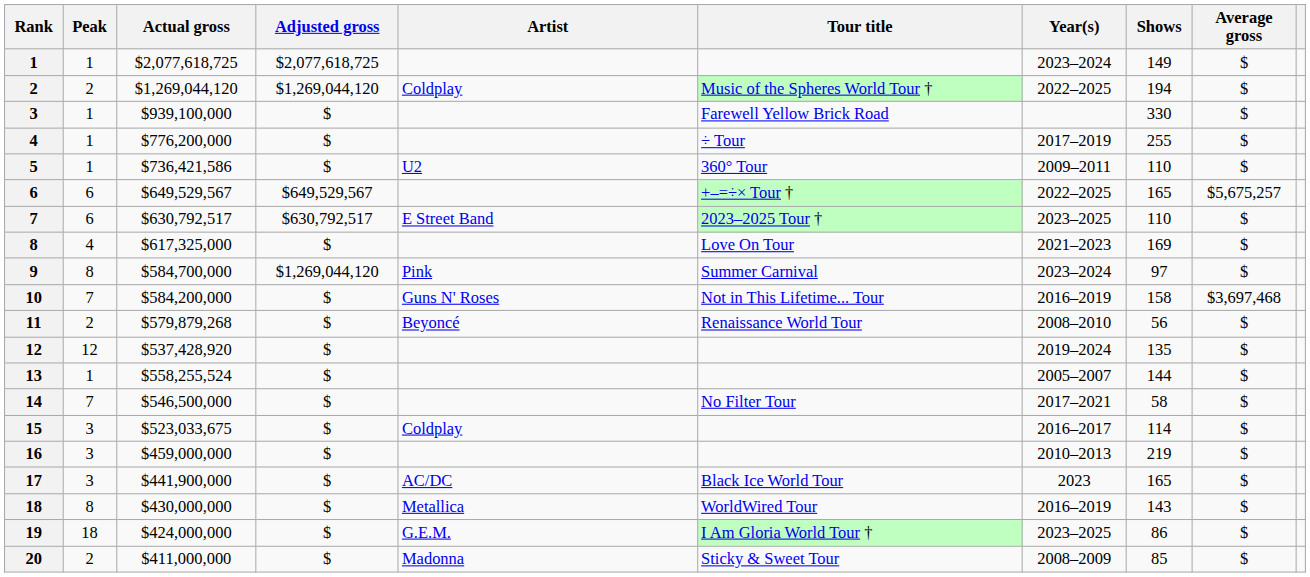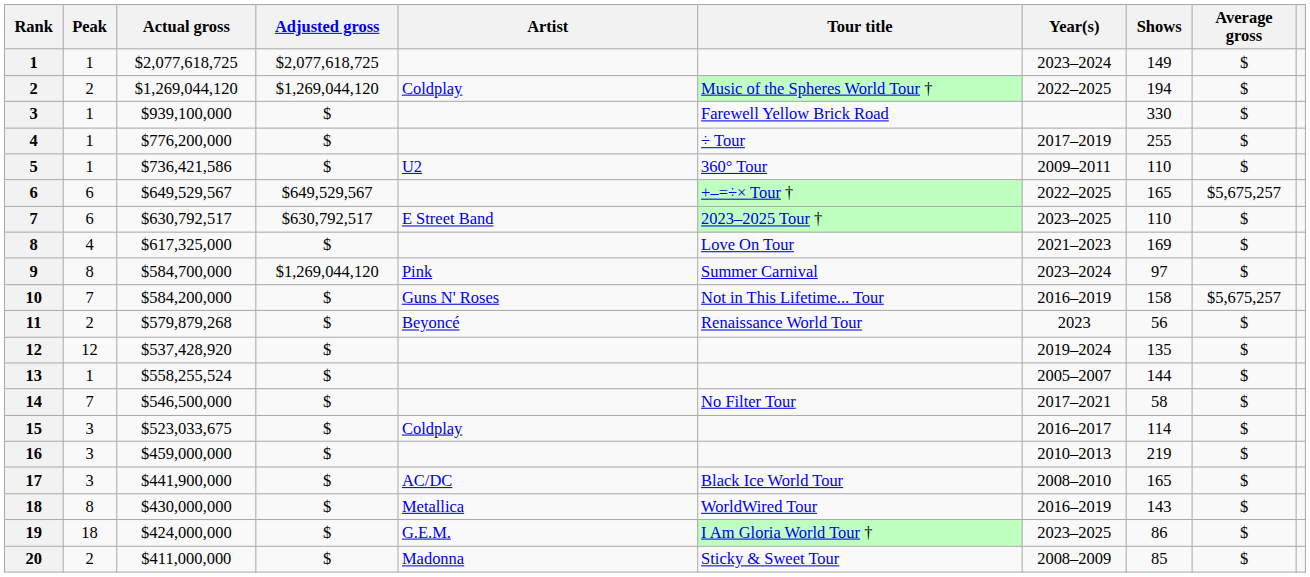 <table class="wikitable sortable plainrowheaders" style="text-align:center;" width=100%>
 <tr>
 <th>Rank</th>
 <th>Peak</th>
 <th>Actual gross</th>
 <th><a href='#'>Adjusted gross</a> <br></th>
 <th width=23%>Artist</th>
 <th width=25%>Tour title</th>
 <th>Year(s)</th>
 <th>Shows</th>
 <th>Average<br>gross</th>
 <th class="unsortable"></th>
 </tr>
 <tr>
 <th>1</th>
 <td>1</td>
 <td>$2,077,618,725</td>
 <td>$2,077,618,725</td>
 <td style="text-align:left"></td>
 <td style="text-align:left"></td>
 <td>2023–2024</td>
 <td>149</td>
 <td>$</td>
 <td></td>
 </tr>
 <tr>
 <th>2</th>
 <td>2</td>
 <td>$1,269,044,120</td>
 <td>$1,269,044,120</td>
 <td style="text-align:left"><a href='#'>Coldplay</a></td>
 <td style="text-align:left; background:#BFFFC0;"><a href='#'>Music of the Spheres World Tour</a> †</td>
 <td>2022–2025</td>
 <td>194</td>
 <td>$</td>
 <td></td>
 </tr>
 <tr>
 <th>3</th>
 <td>1</td>
 <td>$939,100,000</td>
 <td>$</td>
 <td style="text-align:left"></td>
 <td style="text-align:left"><a href='#'>Farewell Yellow Brick Road</a></td>
 <td></td>
 <td>330</td>
 <td>$</td>
 <td></td>
 </tr>
 <tr>
 <th>4</th>
 <td>1</td>
 <td>$776,200,000</td>
 <td>$</td>
 <td style="text-align:left"></td>
 <td style="text-align:left"><a href='#'>÷ Tour</a></td>
 <td>2017–2019</td>
 <td>255</td>
 <td>$</td>
 <td></td>
 </tr>
 <tr>
 <th>5</th>
 <td>1</td>
 <td>$736,421,586</td>
 <td>$</td>
 <td style="text-align:left"><a href='#'>U2</a></td>
 <td style="text-align:left"><a href='#'>360° Tour</a></td>
 <td>2009–2011</td>
 <td>110</td>
 <td>$</td>
 <td></td>
 </tr>
 <tr>
 <th>6</th>
 <td>6</td>
 <td>$649,529,567</td>
 <td>$649,529,567</td>
 <td style="text-align:left"></td>
 <td style="text-align:left; background:#BFFFC0;"><a href='#'>+–=÷× Tour</a> †</td>
 <td>2022–2025</td>
 <td>165</td>
 <td>$5,675,257</td>
 <td></td>
 </tr>
 <tr>
 <th>7</th>
 <td>6</td>
 <td>$630,792,517</td>
 <td>$630,792,517</td>
 <td style="text-align:left"><a href='#'>E Street Band</a></td>
 <td style="text-align:left; background:#BFFFC0;"><a href='#'>2023–2025 Tour</a> †</td>
 <td>2023–2025</td>
 <td>110</td>
 <td>$</td>
 <td></td>
 </tr>
 <tr>
 <th>8</th>
 <td>4</td>
 <td>$617,325,000</td>
 <td>$</td>
 <td style="text-align:left"></td>
 <td style="text-align:left"><a href='#'>Love On Tour</a></td>
 <td>2021–2023</td>
 <td>169</td>
 <td>$</td>
 <td></td>
 </tr>
 <tr>
 <th>9</th>
 <td>8</td>
 <td>$584,700,000</td>
 <td>$1,269,044,120</td>
 <td style="text-align:left"><a href='#'>Pink</a></td>
 <td style="text-align:left;"><a href='#'>Summer Carnival</a></td>
 <td>2023–2024</td>
 <td>97</td>
 <td>$</td>
 <td style="text-align:center"></td>
 </tr>
 <tr>
 <th>10</th>
 <td>7</td>
 <td>$584,200,000</td>
 <td>$</td>
 <td style="text-align:left"><a href='#'>Guns N' Roses</a></td>
 <td style="text-align:left"><a href='#'>Not in This Lifetime... Tour</a></td>
 <td>2016–2019</td>
 <td>158</td>
-<td>$3,697,468</td>
+<td>$5,675,257</td>
 <td></td>
 </tr>
 <tr>
 <th>11</th>
 <td>2</td>
 <td>$579,879,268</td>
 <td>$</td>
 <td style="text-align:left"><a href='#'>Beyoncé</a></td>
 <td style="text-align:left"><a href='#'>Renaissance World Tour</a></td>
-<td>2008–2010</td>
+<td>2023</td>
 <td>56</td>
 <td>$</td>
 <td style="text-align:center"></td>
 </tr>
 <tr>
 <th>12</th>
 <td>12</td>
 <td>$537,428,920</td>
 <td>$</td>
 <td style="text-align:left"></td>
 <td style="text-align:left"></td>
 <td>2019–2024</td>
 <td>135</td>
 <td>$</td>
 <td></td>
 </tr>
 <tr>
 <th>13</th>
 <td>1</td>
 <td>$558,255,524</td>
 <td>$</td>
 <td style="text-align:left"></td>
 <td style="text-align:left"></td>
 <td>2005–2007</td>
 <td>144</td>
 <td>$</td>
 <td></td>
 </tr>
 <tr>
 <th>14</th>
 <td>7</td>
 <td>$546,500,000</td>
 <td>$</td>
 <td style="text-align:left"></td>
 <td style="text-align:left"><a href='#'>No Filter Tour</a></td>
 <td>2017–2021</td>
 <td>58</td>
 <td>$</td>
 <td></td>
 </tr>
 <tr>
 <th>15</th>
 <td>3</td>
 <td>$523,033,675</td>
 <td>$</td>
 <td style="text-align:left"><a href='#'>Coldplay</a></td>
 <td style="text-align:left"></td>
 <td>2016–2017</td>
 <td>114</td>
 <td>$</td>
 <td></td>
 </tr>
 <tr>
 <th>16</th>
 <td>3</td>
 <td>$459,000,000</td>
 <td>$</td>
 <td style="text-align:left"></td>
 <td style="text-align:left"></td>
 <td>2010–2013</td>
 <td>219</td>
 <td>$</td>
 <td></td>
 </tr>
 <tr>
 <th>17</th>
 <td>3</td>
 <td>$441,900,000</td>
 <td>$</td>
 <td style="text-align:left"><a href='#'>AC/DC</a></td>
 <td style="text-align:left"><a href='#'>Black Ice World Tour</a></td>
-<td>2023</td>
+<td>2008–2010</td>
 <td>165</td>
 <td>$</td>
 <td></td>
 </tr>
 <tr>
 <th>18</th>
 <td>8</td>
 <td>$430,000,000</td>
 <td>$</td>
 <td style="text-align:left"><a href='#'>Metallica</a></td>
 <td style="text-align:left"><a href='#'>WorldWired Tour</a></td>
 <td>2016–2019</td>
 <td>143</td>
 <td>$</td>
 <td></td>
 </tr>
 <tr>
 <th>19</th>
 <td>18</td>
 <td>$424,000,000</td>
 <td>$</td>
 <td style="text-align:left;"><a href='#'>G.E.M.</a></td>
 <td style="text-align:left; background:#BFFFC0;"><a href='#'>I Am Gloria World Tour</a> †</td>
 <td>2023–2025</td>
 <td>86</td>
 <td>$</td>
 <td></td>
 </tr>
 <tr>
 <th>20</th>
 <td>2</td>
 <td>$411,000,000</td>
 <td>$</td>
 <td style="text-align:left"><a href='#'>Madonna</a></td>
 <td style="text-align:left"><a href='#'>Sticky & Sweet Tour</a></td>
 <td>2008–2009</td>
 <td>85</td>
 <td>$</td>
 <td></td>
 </tr>
 </table>
